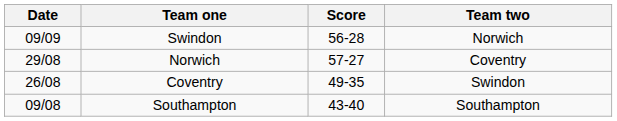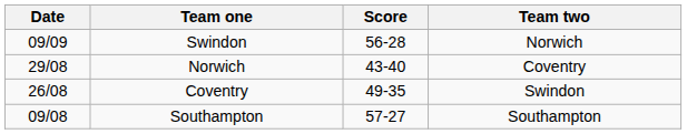 <table class="wikitable" style="text-align: center">
 <tr>
 <th width=80>Date</th>
 <th width=250>Team one</th>
 <th width=80>Score</th>
 <th width=250>Team two</th>
 </tr>
 <tr>
 <td>09/09</td>
 <td>Swindon</td>
 <td>56-28</td>
 <td>Norwich</td>
 </tr>
 <tr>
 <td>29/08</td>
 <td>Norwich</td>
-<td>57-27</td>
+<td>43-40</td>
 <td>Coventry</td>
 </tr>
 <tr>
 <td>26/08</td>
 <td>Coventry</td>
 <td>49-35</td>
 <td>Swindon</td>
 </tr>
 <tr>
 <td>09/08</td>
 <td>Southampton</td>
-<td>43-40</td>
+<td>57-27</td>
 <td>Southampton</td>
 </tr>
 </table>
